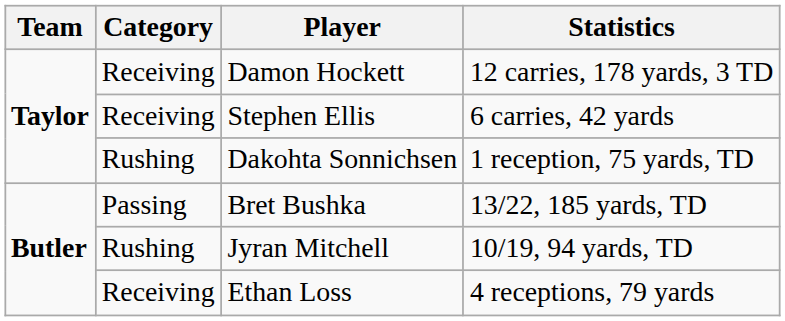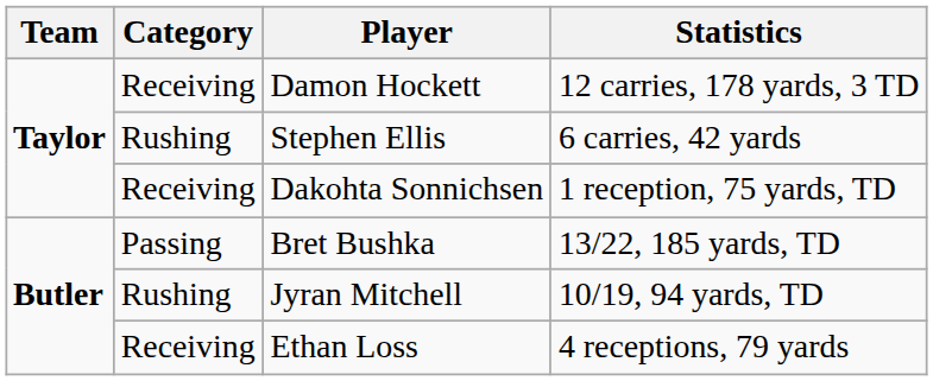 <table class="wikitable" style="float: right;">
 <tr>
 <th>Team</th>
 <th>Category</th>
 <th>Player</th>
 <th>Statistics</th>
 </tr>
 <tr>
 <td rowspan=3><strong>Taylor</strong></td>
 <td>Receiving</td>
 <td>Damon Hockett</td>
 <td>12 carries, 178 yards, 3 TD</td>
 </tr>
 <tr>
-<td>Receiving</td>
+<td>Rushing</td>
 <td>Stephen Ellis</td>
 <td>6 carries, 42 yards</td>
 </tr>
 <tr>
-<td>Rushing</td>
+<td>Receiving</td>
 <td>Dakohta Sonnichsen</td>
 <td>1 reception, 75 yards, TD</td>
 </tr>
 <tr>
 <td rowspan=3><strong>Butler</strong></td>
 <td>Passing</td>
 <td>Bret Bushka</td>
 <td>13/22, 185 yards, TD</td>
 </tr>
 <tr>
 <td>Rushing</td>
 <td>Jyran Mitchell</td>
 <td>10/19, 94 yards, TD</td>
 </tr>
 <tr>
 <td>Receiving</td>
 <td>Ethan Loss</td>
 <td>4 receptions, 79 yards</td>
 </tr>
 </table>
